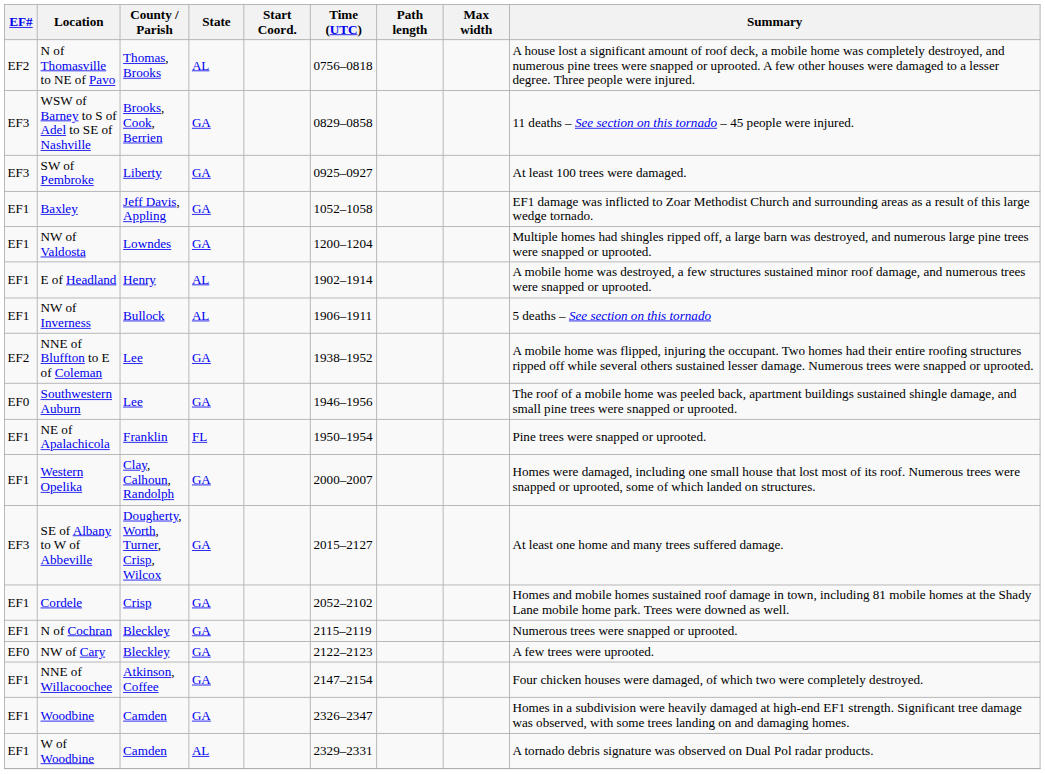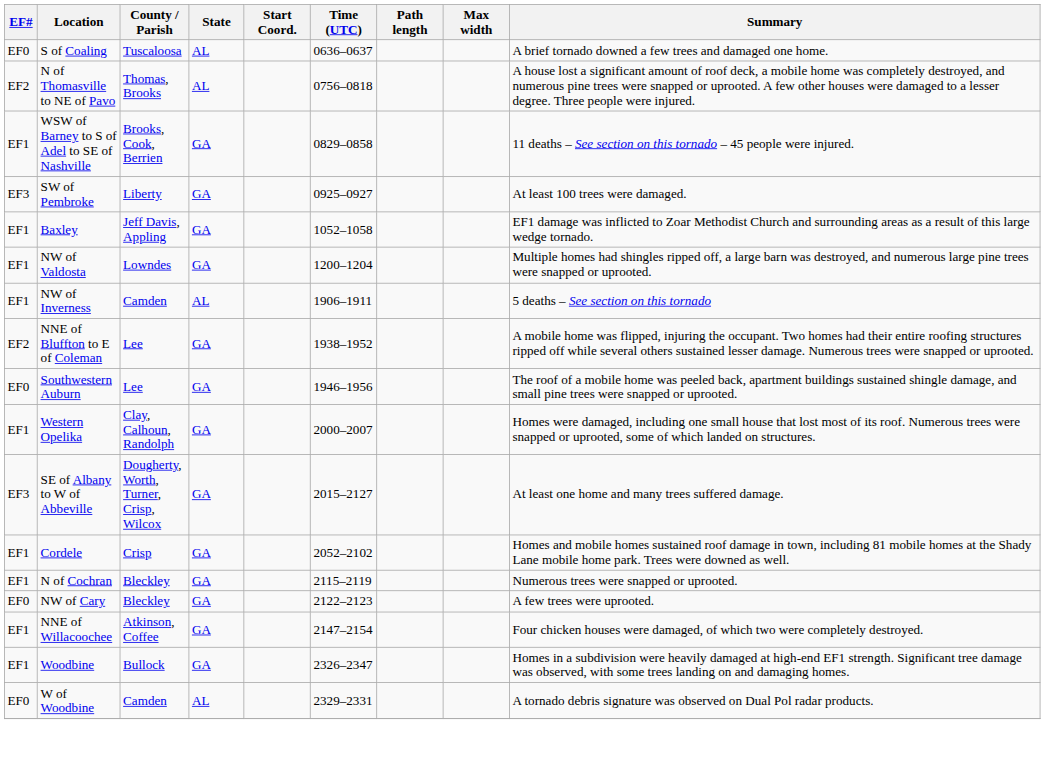 <table class="wikitable sortable" style="width:100%;">
 <tr>
 <th scope="col"  style="width:3%; text-align:center;"><a href='#'>EF#</a></th>
 <th scope="col"  style="width:7%; text-align:center;" class="unsortable">Location</th>
 <th scope="col"  style="width:6%; text-align:center;" class="unsortable">County / Parish</th>
 <th scope="col"  style="width:5%; text-align:center;">State</th>
 <th scope="col"  style="width:6%; text-align:center;">Start Coord.</th>
 <th scope="col"  style="width:6%; text-align:center;">Time (<a href='#'>UTC</a>)</th>
 <th scope="col"  style="width:6%; text-align:center;">Path length</th>
 <th scope="col"  style="width:6%; text-align:center;">Max width</th>
 <th scope="col" class="unsortable" style="width:48%; text-align:center;">Summary</th>
 </tr>
 <tr>
+<td>EF0</td>
+<td>S of <a href='#'>Coaling</a></td>
+<td><a href='#'>Tuscaloosa</a></td>
+<td><a href='#'>AL</a></td>
+<td></td>
+<td>0636–0637</td>
+<td></td>
+<td></td>
+<td>A brief tornado downed a few trees and damaged one home.</td>
+</tr>
+<tr>
 <td>EF2</td>
 <td>N of <a href='#'>Thomasville</a> to NE of <a href='#'>Pavo</a></td>
 <td><a href='#'>Thomas</a>, <a href='#'>Brooks</a></td>
 <td><a href='#'>AL</a></td>
 <td></td>
 <td>0756–0818</td>
 <td></td>
 <td></td>
 <td>A house lost a significant amount of roof deck, a mobile home was completely destroyed, and numerous pine trees were snapped or uprooted. A few other houses were damaged to a lesser degree. Three people were injured.</td>
 </tr>
 <tr>
-<td>EF3</td>
+<td>EF1</td>
 <td>WSW of <a href='#'>Barney</a> to S of <a href='#'>Adel</a> to SE of <a href='#'>Nashville</a></td>
 <td><a href='#'>Brooks</a>, <a href='#'>Cook</a>, <a href='#'>Berrien</a></td>
 <td><a href='#'>GA</a></td>
 <td></td>
 <td>0829–0858</td>
 <td></td>
 <td></td>
 <td>11 deaths – <em><a href='#'>See section on this tornado</a></em> – 45 people were injured.</td>
 </tr>
 <tr>
 <td>EF3</td>
 <td>SW of <a href='#'>Pembroke</a></td>
 <td><a href='#'>Liberty</a></td>
 <td><a href='#'>GA</a></td>
 <td></td>
 <td>0925–0927</td>
 <td></td>
 <td></td>
 <td>At least 100 trees were damaged.</td>
 </tr>
 <tr>
 <td>EF1</td>
 <td><a href='#'>Baxley</a></td>
 <td><a href='#'>Jeff Davis</a>, <a href='#'>Appling</a></td>
 <td><a href='#'>GA</a></td>
 <td></td>
 <td>1052–1058</td>
 <td></td>
 <td></td>
 <td>EF1 damage was inflicted to Zoar Methodist Church and surrounding areas as a result of this large wedge tornado.</td>
 </tr>
 <tr>
 <td>EF1</td>
 <td>NW of <a href='#'>Valdosta</a></td>
 <td><a href='#'>Lowndes</a></td>
 <td><a href='#'>GA</a></td>
 <td></td>
 <td>1200–1204</td>
 <td></td>
 <td></td>
 <td>Multiple homes had shingles ripped off, a large barn was destroyed, and numerous large pine trees were snapped or uprooted.</td>
 </tr>
 <tr>
 <td>EF1</td>
-<td>E of <a href='#'>Headland</a></td>
-<td><a href='#'>Henry</a></td>
-<td><a href='#'>AL</a></td>
-<td></td>
-<td>1902–1914</td>
-<td></td>
-<td></td>
-<td>A mobile home was destroyed, a few structures sustained minor roof damage, and numerous trees were snapped or uprooted.</td>
-</tr>
-<tr>
-<td>EF1</td>
 <td>NW of <a href='#'>Inverness</a></td>
-<td><a href='#'>Bullock</a></td>
+<td><a href='#'>Camden</a></td>
 <td><a href='#'>AL</a></td>
 <td></td>
 <td>1906–1911</td>
 <td></td>
 <td></td>
 <td>5 deaths – <em><a href='#'>See section on this tornado</a></em><br></td>
 </tr>
 <tr>
 <td>EF2</td>
 <td>NNE of <a href='#'>Bluffton</a> to E of <a href='#'>Coleman</a></td>
 <td><a href='#'>Lee</a></td>
 <td><a href='#'>GA</a></td>
 <td></td>
 <td>1938–1952</td>
 <td></td>
 <td></td>
 <td>A mobile home was flipped, injuring the occupant. Two homes had their entire roofing structures ripped off while several others sustained lesser damage. Numerous trees were snapped or uprooted.</td>
 </tr>
 <tr>
 <td>EF0</td>
 <td><a href='#'>Southwestern Auburn</a></td>
 <td><a href='#'>Lee</a></td>
 <td><a href='#'>GA</a></td>
 <td></td>
 <td>1946–1956</td>
 <td></td>
 <td></td>
 <td>The roof of a mobile home was peeled back, apartment buildings sustained shingle damage, and small pine trees were snapped or uprooted.</td>
-</tr>
-<tr>
-<td>EF1</td>
-<td>NE of <a href='#'>Apalachicola</a></td>
-<td><a href='#'>Franklin</a></td>
-<td><a href='#'>FL</a></td>
-<td></td>
-<td>1950–1954</td>
-<td></td>
-<td></td>
-<td>Pine trees were snapped or uprooted.</td>
 </tr>
 <tr>
 <td>EF1</td>
 <td><a href='#'>Western Opelika</a></td>
 <td><a href='#'>Clay</a>, <a href='#'>Calhoun</a>, <a href='#'>Randolph</a></td>
 <td><a href='#'>GA</a></td>
 <td></td>
 <td>2000–2007</td>
 <td></td>
 <td></td>
 <td>Homes were damaged, including one small house that lost most of its roof. Numerous trees were snapped or uprooted, some of which landed on structures.</td>
 </tr>
 <tr>
 <td>EF3</td>
 <td>SE of <a href='#'>Albany</a> to W of <a href='#'>Abbeville</a></td>
 <td><a href='#'>Dougherty</a>, <a href='#'>Worth</a>, <a href='#'>Turner</a>, <a href='#'>Crisp</a>, <a href='#'>Wilcox</a></td>
 <td><a href='#'>GA</a></td>
 <td></td>
 <td>2015–2127</td>
 <td></td>
 <td></td>
 <td>At least one home and many trees suffered damage.</td>
 </tr>
 <tr>
 <td>EF1</td>
 <td><a href='#'>Cordele</a></td>
 <td><a href='#'>Crisp</a></td>
 <td><a href='#'>GA</a></td>
 <td></td>
 <td>2052–2102</td>
 <td></td>
 <td></td>
 <td>Homes and mobile homes sustained roof damage in town, including 81 mobile homes at the Shady Lane mobile home park. Trees were downed as well.</td>
 </tr>
 <tr>
 <td>EF1</td>
 <td>N of <a href='#'>Cochran</a></td>
 <td><a href='#'>Bleckley</a></td>
 <td><a href='#'>GA</a></td>
 <td></td>
 <td>2115–2119</td>
 <td></td>
 <td></td>
 <td>Numerous trees were snapped or uprooted.</td>
 </tr>
 <tr>
 <td>EF0</td>
 <td>NW of <a href='#'>Cary</a></td>
 <td><a href='#'>Bleckley</a></td>
 <td><a href='#'>GA</a></td>
 <td></td>
 <td>2122–2123</td>
 <td></td>
 <td></td>
 <td>A few trees were uprooted.</td>
 </tr>
 <tr>
 <td>EF1</td>
 <td>NNE of <a href='#'>Willacoochee</a></td>
 <td><a href='#'>Atkinson</a>, <a href='#'>Coffee</a></td>
 <td><a href='#'>GA</a></td>
 <td></td>
 <td>2147–2154</td>
 <td></td>
 <td></td>
 <td>Four chicken houses were damaged, of which two were completely destroyed.</td>
 </tr>
 <tr>
 <td>EF1</td>
 <td><a href='#'>Woodbine</a></td>
-<td><a href='#'>Camden</a></td>
+<td><a href='#'>Bullock</a></td>
 <td><a href='#'>GA</a></td>
 <td></td>
 <td>2326–2347</td>
 <td></td>
 <td></td>
 <td>Homes in a subdivision were heavily damaged at high-end EF1 strength. Significant tree damage was observed, with some trees landing on and damaging homes.</td>
 </tr>
 <tr>
-<td>EF1</td>
+<td>EF0</td>
 <td>W of <a href='#'>Woodbine</a></td>
 <td><a href='#'>Camden</a></td>
 <td><a href='#'>AL</a></td>
 <td></td>
 <td>2329–2331</td>
 <td></td>
 <td></td>
 <td>A tornado debris signature was observed on Dual Pol radar products.</td>
 </tr>
 <tr>
 </tr>
 </table>
